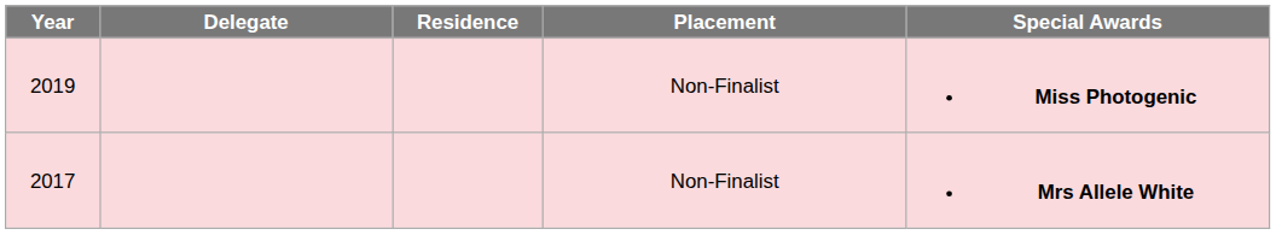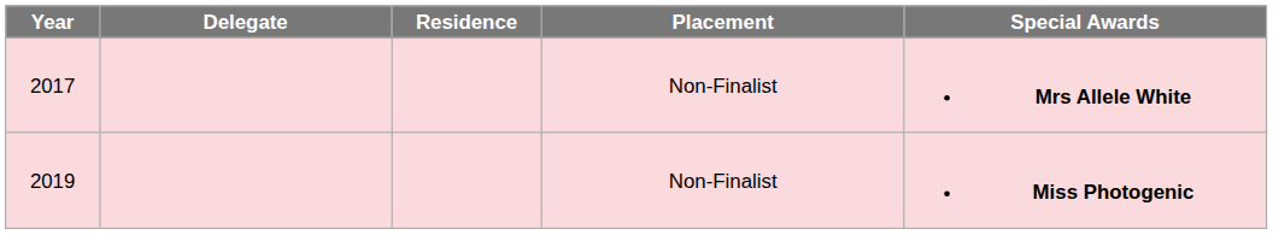 <table class="wikitable sortable" style="font-size: 90%; text-align:center">
 <tr>
 <th width="60" style="background-color:#787878;color:#FFFFFF;">Year</th>
 <th width="200" style="background-color:#787878;color:#FFFFFF;">Delegate</th>
 <th width="100" style="background-color:#787878;color:#FFFFFF;">Residence</th>
 <th width="250" style="background-color:#787878;color:#FFFFFF;">Placement</th>
 <th width="250" style="background-color:#787878;color:#FFFFFF;">Special Awards</th>
 </tr>
 <tr style="background-color:#FADADD;: bold">
+<td><strong></strong> 2017</td>
+<td></td>
+<td></td>
+<td>Non-Finalist</td>
+<td><br><ul><li><strong>Mrs Allele White</strong></li></ul></td>
+</tr>
+<tr style="background-color:#FADADD;: bold">
 <td><strong></strong> 2019</td>
 <td></td>
 <td></td>
 <td>Non-Finalist</td>
 <td><br><ul><li><strong>Miss Photogenic</strong></li></ul></td>
 </tr>
-<tr style="background-color:#FADADD;: bold">
-<td><strong></strong> 2017</td>
-<td></td>
-<td></td>
-<td>Non-Finalist</td>
-<td><br><ul><li><strong>Mrs Allele White</strong></li></ul></td>
-</tr>
 </table>
